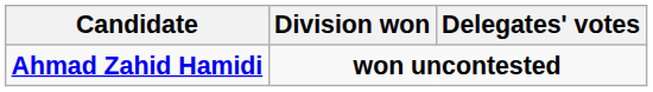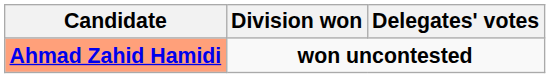 <table class=wikitable>
 <tr>
 <th>Candidate</th>
 <th>Division won</th>
 <th>Delegates' votes</th>
 </tr>
 <tr>
-<td><strong><a href='#'>Ahmad Zahid Hamidi</a></strong></td>
+<td style="background: lightsalmon;"><strong><a href='#'>Ahmad Zahid Hamidi</a></strong></td>
 <td colspan=2 align=center><strong>won uncontested</strong></td>
 </tr>
 </table>
